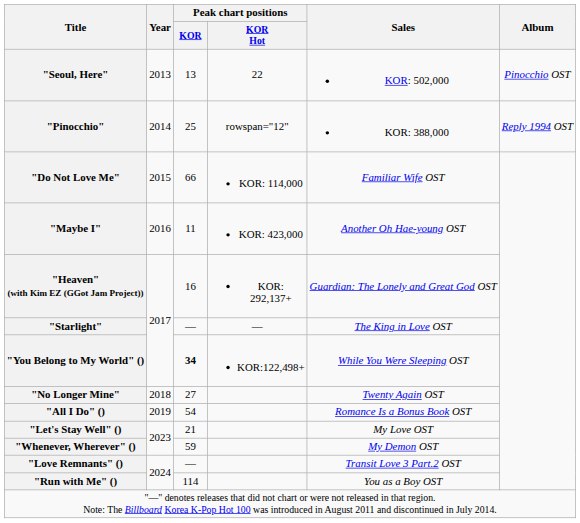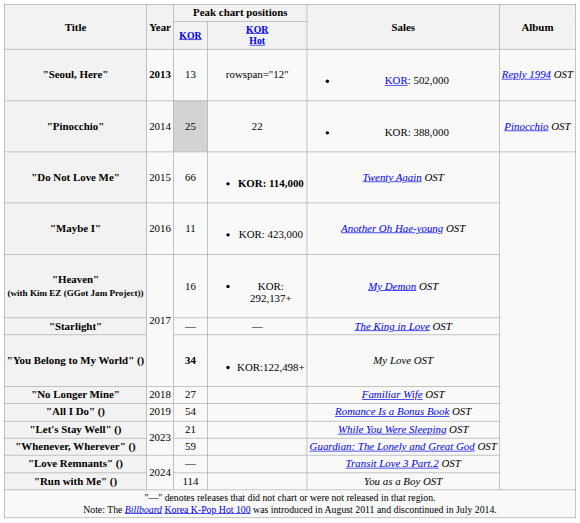 <table class="wikitable plainrowheaders" style="text-align:center;">
 <tr>
 <th scope="col" rowspan="2">Title</th>
 <th scope="col" rowspan="2">Year</th>
 <th scope="col" colspan="2">Peak chart positions</th>
 <th scope="col" rowspan="2">Sales<br></th>
 <th scope="col" rowspan="2">Album</th>
 </tr>
 <tr>
 <th scope="col" style="width:3em;font-size:90%;"><a href='#'>KOR</a><br></th>
 <th scope="col" style="width:3em;font-size:90%;"><a href='#'>KOR<br>Hot</a><br></th>
 </tr>
 <tr>
 <th scope="row">"Seoul, Here"<br></th>
-<td>2013</td>
+<td><strong>2013</strong></td>
 <td>13</td>
-<td>22</td>
+<td>rowspan="12" </td>
 <td><br><ul><li><a href='#'>KOR</a>: 502,000</li></ul></td>
-<td><em><a href='#'>Pinocchio</a> OST</em></td>
+<td><em><a href='#'>Reply 1994</a> OST</em></td>
 </tr>
 <tr>
 <th scope="row">"Pinocchio"</th>
 <td>2014</td>
-<td>25</td>
-<td>rowspan="12" </td>
+<td style="background: lightgrey;">25</td>
+<td>22</td>
 <td><br><ul><li>KOR: 388,000</li></ul></td>
-<td><em><a href='#'>Reply 1994</a> OST</em></td>
+<td><em><a href='#'>Pinocchio</a> OST</em></td>
 </tr>
 <tr>
 <th scope="row">"Do Not Love Me"</th>
 <td>2015</td>
 <td>66</td>
-<td><br><ul><li>KOR: 114,000</li></ul></td>
-<td><em><a href='#'>Familiar Wife</a> OST</em></td>
+<td><strong><br><ul><li>KOR: 114,000</li></ul></strong></td>
+<td><em><a href='#'>Twenty Again</a> OST</em></td>
 </tr>
 <tr>
 <th scope="row">"Maybe I"</th>
 <td>2016</td>
 <td>11</td>
 <td><br><ul><li>KOR: 423,000</li></ul></td>
 <td><em><a href='#'>Another Oh Hae-young</a> OST</em></td>
 </tr>
 <tr>
 <th scope="row">"Heaven"<br><small>(with Kim EZ (GGot Jam Project))</small></th>
 <td rowspan="3">2017</td>
 <td>16</td>
 <td><br><ul><li>KOR: 292,137+</li></ul></td>
-<td><em><a href='#'>Guardian: The Lonely and Great God</a> OST</em></td>
+<td><em><a href='#'>My Demon</a> OST</em></td>
 </tr>
 <tr>
 <th scope="row">"Starlight"</th>
 <td>—</td>
 <td>—</td>
 <td><em><a href='#'>The King in Love</a></em> <em>OST</em></td>
 </tr>
 <tr>
 <th scope="row">"You Belong to My World" ()</th>
 <td><strong>34</strong></td>
 <td><br><ul><li>KOR:122,498+</li></ul></td>
-<td><a href='#'><em>While You Were Sleeping</em></a> <em>OST</em></td>
+<td><em>My Love OST</em></td>
 </tr>
 <tr>
 <th scope="row">"No Longer Mine"</th>
 <td>2018</td>
 <td>27</td>
 <td></td>
-<td><em><a href='#'>Twenty Again</a> OST</em></td>
+<td><em><a href='#'>Familiar Wife</a> OST</em></td>
 </tr>
 <tr>
 <th scope="row">"All I Do" ()</th>
 <td>2019</td>
 <td>54</td>
 <td></td>
 <td><em><a href='#'>Romance Is a Bonus Book</a> OST</em></td>
 </tr>
 <tr>
 <th scope="row">"Let's Stay Well" ()</th>
 <td rowspan="2">2023</td>
 <td>21</td>
 <td></td>
-<td><em>My Love OST</em></td>
+<td><a href='#'><em>While You Were Sleeping</em></a> <em>OST</em></td>
 </tr>
 <tr>
 <th scope="row">"Whenever, Wherever" ()</th>
 <td>59</td>
 <td></td>
-<td><em><a href='#'>My Demon</a> OST</em></td>
+<td><em><a href='#'>Guardian: The Lonely and Great God</a> OST</em></td>
 </tr>
 <tr>
 <th scope="row">"Love Remnants" ()</th>
 <td rowspan="2">2024</td>
 <td>—</td>
 <td></td>
 <td><em><a href='#'>Transit Love 3 Part.2</a> OST</em></td>
 </tr>
 <tr>
 <th scope="row">"Run with Me" ()</th>
 <td>114</td>
 <td></td>
 <td><em>You as a Boy OST</em></td>
 </tr>
 <tr>
 <td colspan="6" style="font-size:90%;">"—" denotes releases that did not chart or were not released in that region.<br>Note: The <em><a href='#'>Billboard</a></em> <a href='#'>Korea K-Pop Hot 100</a> was introduced in August 2011 and discontinued in July 2014.</td>
 </tr>
 </table>
